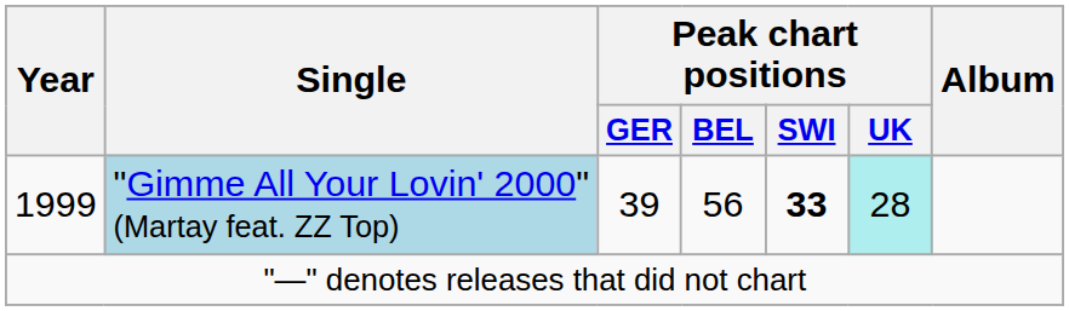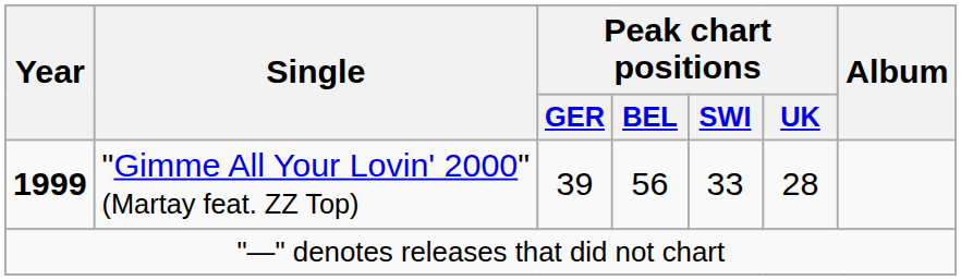 <table class="wikitable" style="text-align:center;">
 <tr>
 <th rowspan="2">Year</th>
 <th rowspan="2">Single</th>
 <th colspan="4">Peak chart positions</th>
 <th rowspan="2">Album</th>
 </tr>
 <tr style="font-size:smaller;">
 <th style="width:30px;"><a href='#'>GER</a><br></th>
 <th style="width:30px;"><a href='#'>BEL</a><br></th>
 <th style="width:30px;"><a href='#'>SWI</a><br></th>
 <th style="width:30px;"><a href='#'>UK</a><br></th>
 </tr>
 <tr>
-<td>1999</td>
-<td style="background: lightblue; text-align:left;">"<a href='#'>Gimme All Your Lovin' 2000</a>" <br><small>(Martay feat. ZZ Top)</small></td>
+<td><strong>1999</strong></td>
+<td style="text-align:left;">"<a href='#'>Gimme All Your Lovin' 2000</a>" <br><small>(Martay feat. ZZ Top)</small></td>
 <td>39</td>
 <td>56</td>
-<td><strong>33</strong></td>
-<td style="background: paleturquoise;">28</td>
+<td>33</td>
+<td>28</td>
 <td></td>
 </tr>
 <tr>
 <td colspan="7" style="font-size:85%">"—" denotes releases that did not chart</td>
 </tr>
 </table>
